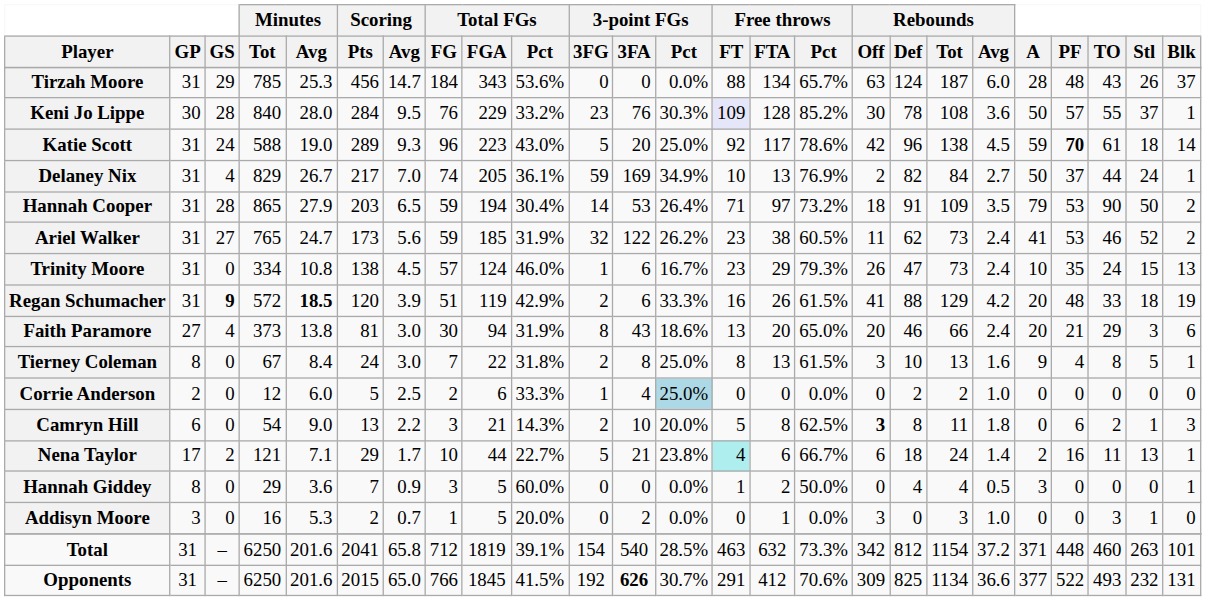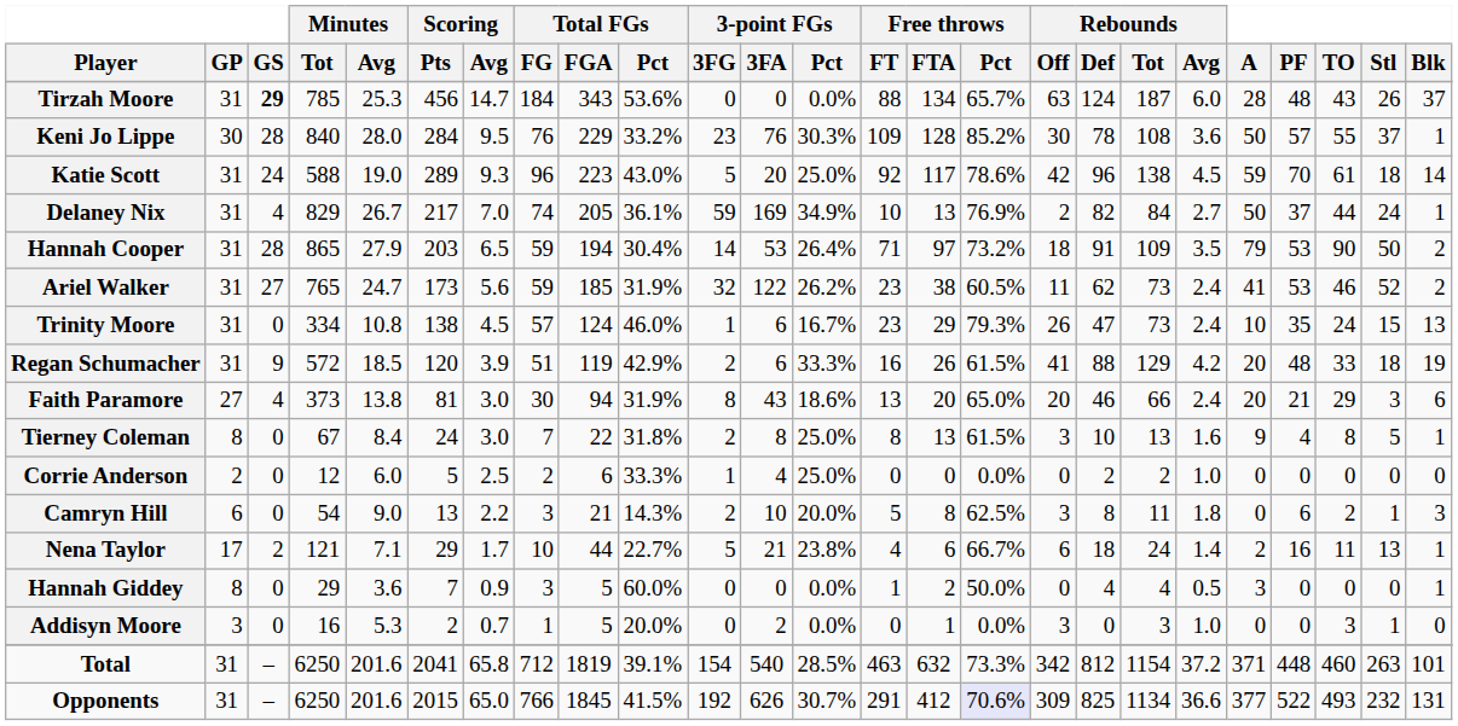 <table class="wikitable sortable" border="1" style="font-size:90%;">
 <tr>
 <th colspan="3" style="border-top-style:hidden; border-left-style:hidden; background: white;"></th>
 <th colspan="2" style=>Minutes</th>
 <th colspan="2" style=>Scoring</th>
 <th colspan="3" style=>Total FGs</th>
 <th colspan="3" style=>3-point FGs</th>
 <th colspan="3" style=>Free throws</th>
 <th colspan="4" style=>Rebounds</th>
 <th colspan="5" style="border-top-style:hidden; border-right-style:hidden; background: white;"></th>
 </tr>
 <tr>
 <th scope="col" style=>Player</th>
 <th scope="col" style=>GP</th>
 <th scope="col" style=>GS</th>
 <th scope="col" style=>Tot</th>
 <th scope="col" style=>Avg</th>
 <th scope="col" style=>Pts</th>
 <th scope="col" style=>Avg</th>
 <th scope="col" style=>FG</th>
 <th scope="col" style=>FGA</th>
 <th scope="col" style=>Pct</th>
 <th scope="col" style=>3FG</th>
 <th scope="col" style=>3FA</th>
 <th scope="col" style=>Pct</th>
 <th scope="col" style=>FT</th>
 <th scope="col" style=>FTA</th>
 <th scope="col" style=>Pct</th>
 <th scope="col" style=>Off</th>
 <th scope="col" style=>Def</th>
 <th scope="col" style=>Tot</th>
 <th scope="col" style=>Avg</th>
 <th scope="col" style=>A</th>
 <th scope="col" style=>PF</th>
 <th scope="col" style=>TO</th>
 <th scope="col" style=>Stl</th>
 <th scope="col" style=>Blk</th>
 </tr>
 <tr>
 </tr>
 <tr>
 <th style=white-space:nowrap>Tirzah Moore</th>
 <td align="right">31</td>
-<td align="right">29</td>
+<td align="right"><strong>29</strong></td>
 <td align="right">785</td>
 <td align="right">25.3</td>
 <td align="right">456</td>
 <td align="right">14.7</td>
 <td align="right">184</td>
 <td align="right">343</td>
 <td align="right">53.6%</td>
 <td align="right">0</td>
 <td align="right">0</td>
 <td align="right">0.0%</td>
 <td align="right">88</td>
 <td align="right">134</td>
 <td align="right">65.7%</td>
 <td align="right">63</td>
 <td align="right">124</td>
 <td align="right">187</td>
 <td align="right">6.0</td>
 <td align="right">28</td>
 <td align="right">48</td>
 <td align="right">43</td>
 <td align="right">26</td>
 <td align="right">37</td>
 </tr>
 <tr>
 <th style=white-space:nowrap>Keni Jo Lippe</th>
 <td align="right">30</td>
 <td align="right">28</td>
 <td align="right">840</td>
 <td align="right">28.0</td>
 <td align="right">284</td>
 <td align="right">9.5</td>
 <td align="right">76</td>
 <td align="right">229</td>
 <td align="right">33.2%</td>
 <td align="right">23</td>
 <td align="right">76</td>
 <td align="right">30.3%</td>
-<td align="right" style="background: lavender;">109</td>
+<td align="right">109</td>
 <td align="right">128</td>
 <td align="right">85.2%</td>
 <td align="right">30</td>
 <td align="right">78</td>
 <td align="right">108</td>
 <td align="right">3.6</td>
 <td align="right">50</td>
 <td align="right">57</td>
 <td align="right">55</td>
 <td align="right">37</td>
 <td align="right">1</td>
 </tr>
 <tr>
 <th style=white-space:nowrap>Katie Scott</th>
 <td align="right">31</td>
 <td align="right">24</td>
 <td align="right">588</td>
 <td align="right">19.0</td>
 <td align="right">289</td>
 <td align="right">9.3</td>
 <td align="right">96</td>
 <td align="right">223</td>
 <td align="right">43.0%</td>
 <td align="right">5</td>
 <td align="right">20</td>
 <td align="right">25.0%</td>
 <td align="right">92</td>
 <td align="right">117</td>
 <td align="right">78.6%</td>
 <td align="right">42</td>
 <td align="right">96</td>
 <td align="right">138</td>
 <td align="right">4.5</td>
 <td align="right">59</td>
-<td align="right"><strong>70</strong></td>
+<td align="right">70</td>
 <td align="right">61</td>
 <td align="right">18</td>
 <td align="right">14</td>
 </tr>
 <tr>
 <th style=white-space:nowrap>Delaney Nix</th>
 <td align="right">31</td>
 <td align="right">4</td>
 <td align="right">829</td>
 <td align="right">26.7</td>
 <td align="right">217</td>
 <td align="right">7.0</td>
 <td align="right">74</td>
 <td align="right">205</td>
 <td align="right">36.1%</td>
 <td align="right">59</td>
 <td align="right">169</td>
 <td align="right">34.9%</td>
 <td align="right">10</td>
 <td align="right">13</td>
 <td align="right">76.9%</td>
 <td align="right">2</td>
 <td align="right">82</td>
 <td align="right">84</td>
 <td align="right">2.7</td>
 <td align="right">50</td>
 <td align="right">37</td>
 <td align="right">44</td>
 <td align="right">24</td>
 <td align="right">1</td>
 </tr>
 <tr>
 <th style=white-space:nowrap>Hannah Cooper</th>
 <td align="right">31</td>
 <td align="right">28</td>
 <td align="right">865</td>
 <td align="right">27.9</td>
 <td align="right">203</td>
 <td align="right">6.5</td>
 <td align="right">59</td>
 <td align="right">194</td>
 <td align="right">30.4%</td>
 <td align="right">14</td>
 <td align="right">53</td>
 <td align="right">26.4%</td>
 <td align="right">71</td>
 <td align="right">97</td>
 <td align="right">73.2%</td>
 <td align="right">18</td>
 <td align="right">91</td>
 <td align="right">109</td>
 <td align="right">3.5</td>
 <td align="right">79</td>
 <td align="right">53</td>
 <td align="right">90</td>
 <td align="right">50</td>
 <td align="right">2</td>
 </tr>
 <tr>
 <th style=white-space:nowrap>Ariel Walker</th>
 <td align="right">31</td>
 <td align="right">27</td>
 <td align="right">765</td>
 <td align="right">24.7</td>
 <td align="right">173</td>
 <td align="right">5.6</td>
 <td align="right">59</td>
 <td align="right">185</td>
 <td align="right">31.9%</td>
 <td align="right">32</td>
 <td align="right">122</td>
 <td align="right">26.2%</td>
 <td align="right">23</td>
 <td align="right">38</td>
 <td align="right">60.5%</td>
 <td align="right">11</td>
 <td align="right">62</td>
 <td align="right">73</td>
 <td align="right">2.4</td>
 <td align="right">41</td>
 <td align="right">53</td>
 <td align="right">46</td>
 <td align="right">52</td>
 <td align="right">2</td>
 </tr>
 <tr>
 <th style=white-space:nowrap>Trinity Moore</th>
 <td align="right">31</td>
 <td align="right">0</td>
 <td align="right">334</td>
 <td align="right">10.8</td>
 <td align="right">138</td>
 <td align="right">4.5</td>
 <td align="right">57</td>
 <td align="right">124</td>
 <td align="right">46.0%</td>
 <td align="right">1</td>
 <td align="right">6</td>
 <td align="right">16.7%</td>
 <td align="right">23</td>
 <td align="right">29</td>
 <td align="right">79.3%</td>
 <td align="right">26</td>
 <td align="right">47</td>
 <td align="right">73</td>
 <td align="right">2.4</td>
 <td align="right">10</td>
 <td align="right">35</td>
 <td align="right">24</td>
 <td align="right">15</td>
 <td align="right">13</td>
 </tr>
 <tr>
 <th style=white-space:nowrap>Regan Schumacher</th>
 <td align="right">31</td>
-<td align="right"><strong>9</strong></td>
+<td align="right">9</td>
 <td align="right">572</td>
-<td align="right"><strong>18.5</strong></td>
+<td align="right">18.5</td>
 <td align="right">120</td>
 <td align="right">3.9</td>
 <td align="right">51</td>
 <td align="right">119</td>
 <td align="right">42.9%</td>
 <td align="right">2</td>
 <td align="right">6</td>
 <td align="right">33.3%</td>
 <td align="right">16</td>
 <td align="right">26</td>
 <td align="right">61.5%</td>
 <td align="right">41</td>
 <td align="right">88</td>
 <td align="right">129</td>
 <td align="right">4.2</td>
 <td align="right">20</td>
 <td align="right">48</td>
 <td align="right">33</td>
 <td align="right">18</td>
 <td align="right">19</td>
 </tr>
 <tr>
 <th style=white-space:nowrap>Faith Paramore</th>
 <td align="right">27</td>
 <td align="right">4</td>
 <td align="right">373</td>
 <td align="right">13.8</td>
 <td align="right">81</td>
 <td align="right">3.0</td>
 <td align="right">30</td>
 <td align="right">94</td>
 <td align="right">31.9%</td>
 <td align="right">8</td>
 <td align="right">43</td>
 <td align="right">18.6%</td>
 <td align="right">13</td>
 <td align="right">20</td>
 <td align="right">65.0%</td>
 <td align="right">20</td>
 <td align="right">46</td>
 <td align="right">66</td>
 <td align="right">2.4</td>
 <td align="right">20</td>
 <td align="right">21</td>
 <td align="right">29</td>
 <td align="right">3</td>
 <td align="right">6</td>
 </tr>
 <tr>
 <th style=white-space:nowrap>Tierney Coleman</th>
 <td align="right">8</td>
 <td align="right">0</td>
 <td align="right">67</td>
 <td align="right">8.4</td>
 <td align="right">24</td>
 <td align="right">3.0</td>
 <td align="right">7</td>
 <td align="right">22</td>
 <td align="right">31.8%</td>
 <td align="right">2</td>
 <td align="right">8</td>
 <td align="right">25.0%</td>
 <td align="right">8</td>
 <td align="right">13</td>
 <td align="right">61.5%</td>
 <td align="right">3</td>
 <td align="right">10</td>
 <td align="right">13</td>
 <td align="right">1.6</td>
 <td align="right">9</td>
 <td align="right">4</td>
 <td align="right">8</td>
 <td align="right">5</td>
 <td align="right">1</td>
 </tr>
 <tr>
 <th style=white-space:nowrap>Corrie Anderson</th>
 <td align="right">2</td>
 <td align="right">0</td>
 <td align="right">12</td>
 <td align="right">6.0</td>
 <td align="right">5</td>
 <td align="right">2.5</td>
 <td align="right">2</td>
 <td align="right">6</td>
 <td align="right">33.3%</td>
 <td align="right">1</td>
 <td align="right">4</td>
-<td align="right" style="background: lightblue;">25.0%</td>
+<td align="right">25.0%</td>
 <td align="right">0</td>
 <td align="right">0</td>
 <td align="right">0.0%</td>
 <td align="right">0</td>
 <td align="right">2</td>
 <td align="right">2</td>
 <td align="right">1.0</td>
 <td align="right">0</td>
 <td align="right">0</td>
 <td align="right">0</td>
 <td align="right">0</td>
 <td align="right">0</td>
 </tr>
 <tr>
 <th style=white-space:nowrap>Camryn Hill</th>
 <td align="right">6</td>
 <td align="right">0</td>
 <td align="right">54</td>
 <td align="right">9.0</td>
 <td align="right">13</td>
 <td align="right">2.2</td>
 <td align="right">3</td>
 <td align="right">21</td>
 <td align="right">14.3%</td>
 <td align="right">2</td>
 <td align="right">10</td>
 <td align="right">20.0%</td>
 <td align="right">5</td>
 <td align="right">8</td>
 <td align="right">62.5%</td>
-<td align="right"><strong>3</strong></td>
+<td align="right">3</td>
 <td align="right">8</td>
 <td align="right">11</td>
 <td align="right">1.8</td>
 <td align="right">0</td>
 <td align="right">6</td>
 <td align="right">2</td>
 <td align="right">1</td>
 <td align="right">3</td>
 </tr>
 <tr>
 <th style=white-space:nowrap>Nena Taylor</th>
 <td align="right">17</td>
 <td align="right">2</td>
 <td align="right">121</td>
 <td align="right">7.1</td>
 <td align="right">29</td>
 <td align="right">1.7</td>
 <td align="right">10</td>
 <td align="right">44</td>
 <td align="right">22.7%</td>
 <td align="right">5</td>
 <td align="right">21</td>
 <td align="right">23.8%</td>
-<td align="right" style="background: paleturquoise;">4</td>
+<td align="right">4</td>
 <td align="right">6</td>
 <td align="right">66.7%</td>
 <td align="right">6</td>
 <td align="right">18</td>
 <td align="right">24</td>
 <td align="right">1.4</td>
 <td align="right">2</td>
 <td align="right">16</td>
 <td align="right">11</td>
 <td align="right">13</td>
 <td align="right">1</td>
 </tr>
 <tr>
 <th style=white-space:nowrap>Hannah Giddey</th>
 <td align="right">8</td>
 <td align="right">0</td>
 <td align="right">29</td>
 <td align="right">3.6</td>
 <td align="right">7</td>
 <td align="right">0.9</td>
 <td align="right">3</td>
 <td align="right">5</td>
 <td align="right">60.0%</td>
 <td align="right">0</td>
 <td align="right">0</td>
 <td align="right">0.0%</td>
 <td align="right">1</td>
 <td align="right">2</td>
 <td align="right">50.0%</td>
 <td align="right">0</td>
 <td align="right">4</td>
 <td align="right">4</td>
 <td align="right">0.5</td>
 <td align="right">3</td>
 <td align="right">0</td>
 <td align="right">0</td>
 <td align="right">0</td>
 <td align="right">1</td>
 </tr>
 <tr>
 <th style=white-space:nowrap>Addisyn Moore</th>
 <td align="right">3</td>
 <td align="right">0</td>
 <td align="right">16</td>
 <td align="right">5.3</td>
 <td align="right">2</td>
 <td align="right">0.7</td>
 <td align="right">1</td>
 <td align="right">5</td>
 <td align="right">20.0%</td>
 <td align="right">0</td>
 <td align="right">2</td>
 <td align="right">0.0%</td>
 <td align="right">0</td>
 <td align="right">1</td>
 <td align="right">0.0%</td>
 <td align="right">3</td>
 <td align="right">0</td>
 <td align="right">3</td>
 <td align="right">1.0</td>
 <td align="right">0</td>
 <td align="right">0</td>
 <td align="right">3</td>
 <td align="right">1</td>
 <td align="right">0</td>
 </tr>
 <tr>
 </tr>
 <tr>
 </tr>
 <tr>
 </tr>
 <tr class="sortbottom">
 <td align="center" style=><strong>Total</strong></td>
 <td align="center" style=>31</td>
 <td align="center" style=>–</td>
 <td align="center" style=>6250</td>
 <td align="center" style=>201.6</td>
 <td align="center" style=>2041</td>
 <td align="center" style=>65.8</td>
 <td align="center" style=>712</td>
 <td align="center" style=>1819</td>
 <td align="center" style=>39.1%</td>
 <td align="center" style=>154</td>
 <td align="center" style=>540</td>
 <td align="center" style=>28.5%</td>
 <td align="center" style=>463</td>
 <td align="center" style=>632</td>
 <td align="center" style=>73.3%</td>
 <td align="center" style=>342</td>
 <td align="center" style=>812</td>
 <td align="center" style=>1154</td>
 <td align="center" style=>37.2</td>
 <td align="center" style=>371</td>
 <td align="center" style=>448</td>
 <td align="center" style=>460</td>
 <td align="center" style=>263</td>
 <td align="center" style=>101</td>
 </tr>
 <tr class="sortbottom">
 <td align="center"><strong>Opponents</strong></td>
 <td align="center">31</td>
 <td align="center">–</td>
 <td align="center">6250</td>
 <td align="center">201.6</td>
 <td align="center">2015</td>
 <td align="center">65.0</td>
 <td align="center">766</td>
 <td align="center">1845</td>
 <td align="center">41.5%</td>
 <td align="center">192</td>
-<td align="center"><strong>626</strong></td>
+<td align="center">626</td>
 <td align="center">30.7%</td>
 <td align="center">291</td>
 <td align="center">412</td>
-<td align="center">70.6%</td>
+<td align="center" style="background: lavender;">70.6%</td>
 <td align="center">309</td>
 <td align="center">825</td>
 <td align="center">1134</td>
 <td align="center">36.6</td>
 <td align="center">377</td>
 <td align="center">522</td>
 <td align="center">493</td>
 <td align="center">232</td>
 <td align="center">131</td>
 </tr>
 </table>
